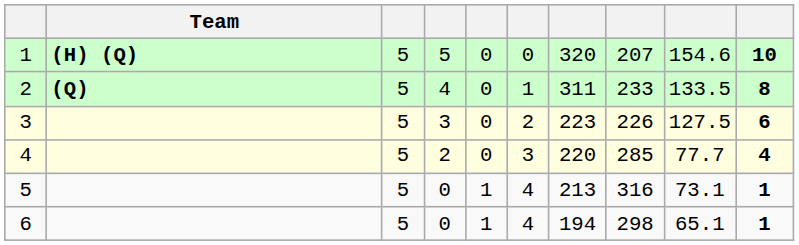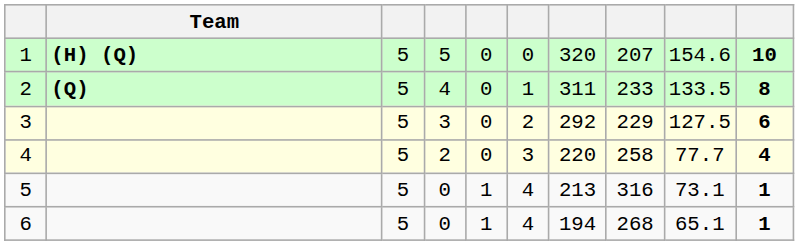 <table class=wikitable style=text-align:center>
 <tr>
 <th width=20 abbr=Position></th>
 <th width=205>Team</th>
 <th width=20 abbr=Played></th>
 <th width=20 abbr=Won></th>
 <th width=20 abbr=Drawn></th>
 <th width=20 abbr=Lost></th>
 <th width=30 abbr=Goal for></th>
 <th width=30 abbr=Goal against></th>
 <th width=30 abbr=Percentage></th>
 <th width=30 abbr=Points></th>
 </tr>
 <tr bgcolor=#CCFFCC>
 <td>1</td>
 <td align=left> <strong>(H)</strong> <strong>(Q)</strong></td>
 <td>5</td>
 <td>5</td>
 <td>0</td>
 <td>0</td>
 <td>320</td>
 <td>207</td>
 <td>154.6</td>
 <td><strong>10</strong></td>
 </tr>
 <tr bgcolor=#CCFFCC>
 <td>2</td>
 <td align=left> <strong>(Q)</strong></td>
 <td>5</td>
 <td>4</td>
 <td>0</td>
 <td>1</td>
 <td>311</td>
 <td>233</td>
 <td>133.5</td>
 <td><strong>8</strong></td>
 </tr>
 <tr bgcolor=lightyellow>
 <td>3</td>
 <td align=left></td>
 <td>5</td>
 <td>3</td>
 <td>0</td>
 <td>2</td>
-<td>223</td>
-<td>226</td>
+<td>292</td>
+<td>229</td>
 <td>127.5</td>
 <td><strong>6</strong></td>
 </tr>
 <tr bgcolor=lightyellow>
 <td>4</td>
 <td align=left></td>
 <td>5</td>
 <td>2</td>
 <td>0</td>
 <td>3</td>
 <td>220</td>
-<td>285</td>
+<td>258</td>
 <td>77.7</td>
 <td><strong>4</strong></td>
 </tr>
 <tr>
 <td>5</td>
 <td align=left></td>
 <td>5</td>
 <td>0</td>
 <td>1</td>
 <td>4</td>
 <td>213</td>
 <td>316</td>
 <td>73.1</td>
 <td><strong>1</strong></td>
 </tr>
 <tr>
 <td>6</td>
 <td align=left></td>
 <td>5</td>
 <td>0</td>
 <td>1</td>
 <td>4</td>
 <td>194</td>
-<td>298</td>
+<td>268</td>
 <td>65.1</td>
 <td><strong>1</strong></td>
 </tr>
 </table>
